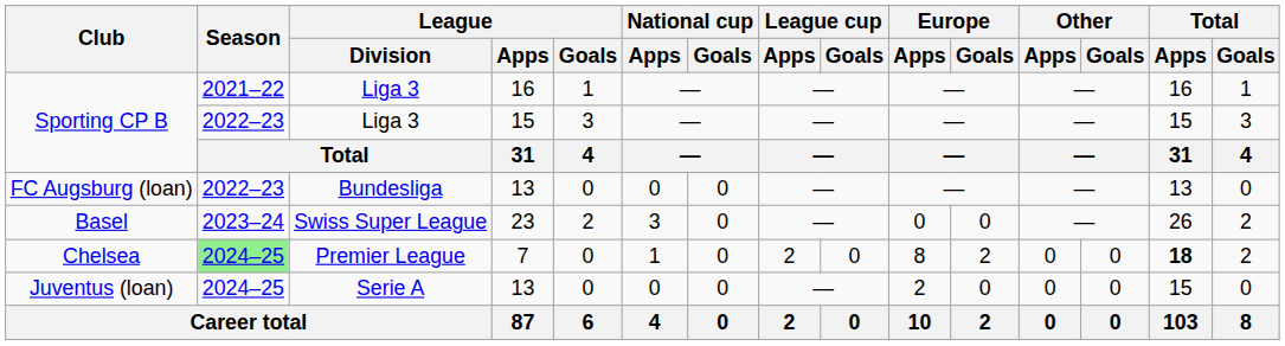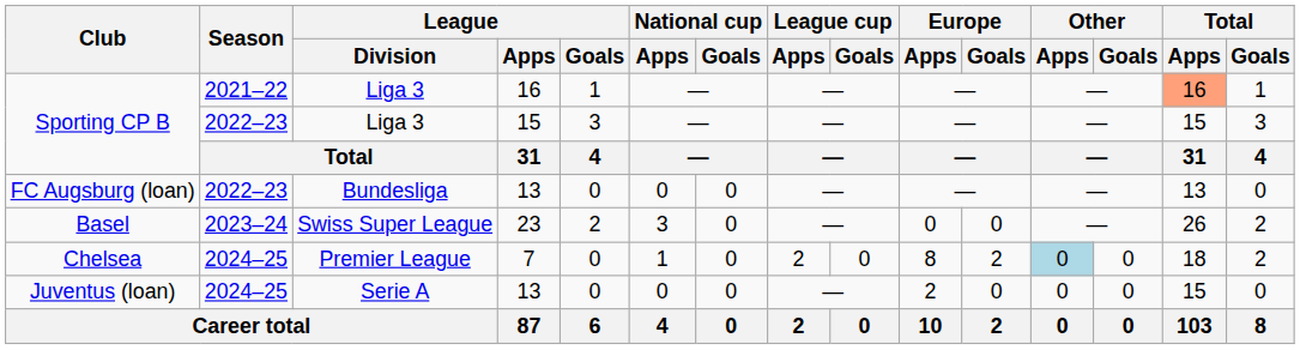 <table class="wikitable" style="text-align:center">
 <tr>
 <th rowspan="2">Club</th>
 <th rowspan="2">Season</th>
 <th colspan="3">League</th>
 <th colspan="2">National cup</th>
 <th colspan="2">League cup</th>
 <th colspan="2">Europe</th>
 <th colspan="2">Other</th>
 <th colspan="2">Total</th>
 </tr>
 <tr>
 <th>Division</th>
 <th>Apps</th>
 <th>Goals</th>
 <th>Apps</th>
 <th>Goals</th>
 <th>Apps</th>
 <th>Goals</th>
 <th>Apps</th>
 <th>Goals</th>
 <th>Apps</th>
 <th>Goals</th>
 <th>Apps</th>
 <th>Goals</th>
 </tr>
 <tr>
 <td rowspan="3"><a href='#'>Sporting CP B</a></td>
 <td><a href='#'>2021–22</a></td>
 <td><a href='#'>Liga 3</a></td>
 <td>16</td>
 <td>1</td>
 <td colspan="2">—</td>
 <td colspan="2">—</td>
 <td colspan="2">—</td>
 <td colspan="2">—</td>
-<td>16</td>
+<td style="background: lightsalmon;">16</td>
 <td>1</td>
 </tr>
 <tr>
 <td><a href='#'>2022–23</a></td>
 <td>Liga 3</td>
 <td>15</td>
 <td>3</td>
 <td colspan="2">—</td>
 <td colspan="2">—</td>
 <td colspan="2">—</td>
 <td colspan="2">—</td>
 <td>15</td>
 <td>3</td>
 </tr>
 <tr>
 <th colspan="2">Total</th>
 <th>31</th>
 <th>4</th>
 <th colspan="2">—</th>
 <th colspan="2">—</th>
 <th colspan="2">—</th>
 <th colspan="2">—</th>
 <th>31</th>
 <th>4</th>
 </tr>
 <tr>
 <td><a href='#'>FC Augsburg</a> (loan)</td>
 <td><a href='#'>2022–23</a></td>
 <td><a href='#'>Bundesliga</a></td>
 <td>13</td>
 <td>0</td>
 <td>0</td>
 <td>0</td>
 <td colspan="2">—</td>
 <td colspan="2">—</td>
 <td colspan="2">—</td>
 <td>13</td>
 <td>0</td>
 </tr>
 <tr>
 <td><a href='#'>Basel</a></td>
 <td><a href='#'>2023–24</a></td>
 <td><a href='#'>Swiss Super League</a></td>
 <td>23</td>
 <td>2</td>
 <td>3</td>
 <td>0</td>
 <td colspan="2">—</td>
 <td>0</td>
 <td>0</td>
 <td colspan="2">—</td>
 <td>26</td>
 <td>2</td>
 </tr>
 <tr>
 <td><a href='#'>Chelsea</a></td>
-<td style="background: lightgreen;"><a href='#'>2024–25</a></td>
+<td><a href='#'>2024–25</a></td>
 <td><a href='#'>Premier League</a></td>
 <td>7</td>
 <td>0</td>
 <td>1</td>
 <td>0</td>
 <td>2</td>
 <td>0</td>
 <td>8</td>
 <td>2</td>
+<td style="background: lightblue;">0</td>
 <td>0</td>
-<td>0</td>
-<td><strong>18</strong></td>
+<td>18</td>
 <td>2</td>
 </tr>
 <tr>
 <td><a href='#'>Juventus</a> (loan)</td>
 <td><a href='#'>2024–25</a></td>
 <td><a href='#'>Serie A</a></td>
 <td>13</td>
 <td>0</td>
 <td>0</td>
 <td>0</td>
 <td colspan="2">—</td>
 <td>2</td>
 <td>0</td>
 <td>0</td>
 <td>0</td>
 <td>15</td>
 <td>0</td>
 </tr>
 <tr>
 <th colspan="3">Career total</th>
 <th>87</th>
 <th>6</th>
 <th>4</th>
 <th>0</th>
 <th>2</th>
 <th>0</th>
 <th>10</th>
 <th>2</th>
 <th>0</th>
 <th>0</th>
 <th>103</th>
 <th>8</th>
 </tr>
 </table>
